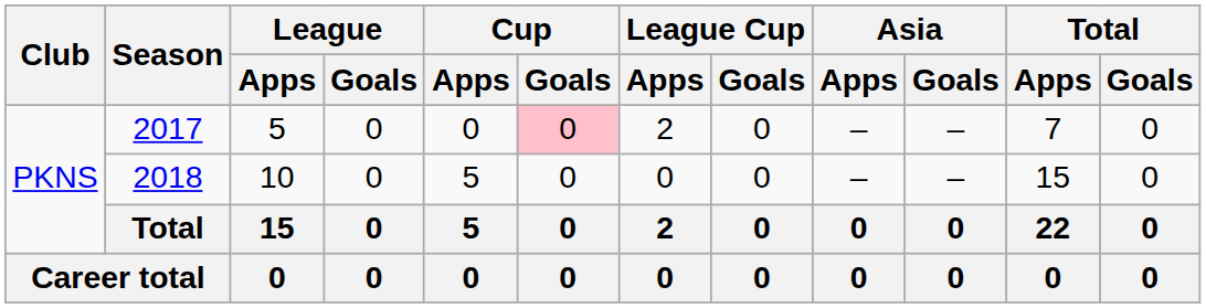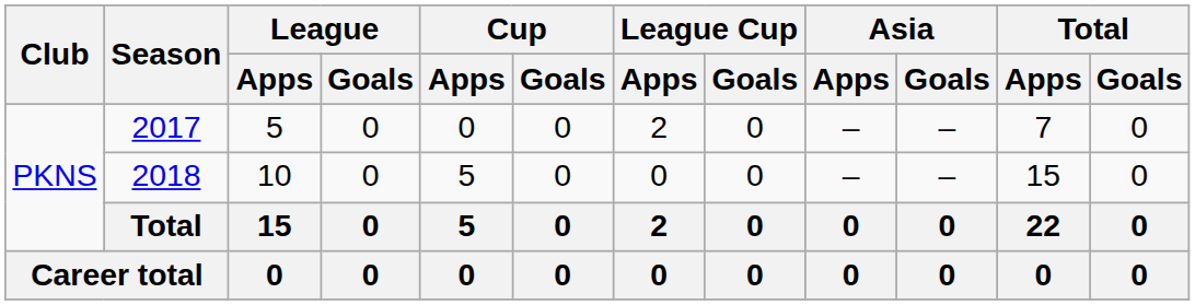 <table class="wikitable" style="text-align: center;">
 <tr>
 <th rowspan="2">Club</th>
 <th rowspan="2">Season</th>
 <th colspan="2">League</th>
 <th colspan="2">Cup</th>
 <th colspan="2">League Cup</th>
 <th colspan="2">Asia</th>
 <th colspan="2">Total</th>
 </tr>
 <tr>
 <th>Apps</th>
 <th>Goals</th>
 <th>Apps</th>
 <th>Goals</th>
 <th>Apps</th>
 <th>Goals</th>
 <th>Apps</th>
 <th>Goals</th>
 <th>Apps</th>
 <th>Goals</th>
 </tr>
 <tr>
 <td rowspan="3" valign="center"><a href='#'>PKNS</a></td>
 <td><a href='#'>2017</a></td>
 <td>5</td>
 <td>0</td>
 <td>0</td>
-<td style="background: pink;">0</td>
+<td>0</td>
 <td>2</td>
 <td>0</td>
 <td>–</td>
 <td>–</td>
 <td>7</td>
 <td>0</td>
 </tr>
 <tr>
 <td><a href='#'>2018</a></td>
 <td>10</td>
 <td>0</td>
 <td>5</td>
 <td>0</td>
 <td>0</td>
 <td>0</td>
 <td>–</td>
 <td>–</td>
 <td>15</td>
 <td>0</td>
 </tr>
 <tr>
 <th>Total</th>
 <th>15</th>
 <th>0</th>
 <th>5</th>
 <th>0</th>
 <th>2</th>
 <th>0</th>
 <th>0</th>
 <th>0</th>
 <th>22</th>
 <th>0</th>
 </tr>
 <tr>
 <th colspan="2">Career total</th>
 <th>0</th>
 <th>0</th>
 <th>0</th>
 <th>0</th>
 <th>0</th>
 <th>0</th>
 <th>0</th>
 <th>0</th>
 <th>0</th>
 <th>0</th>
 </tr>
 </table>
